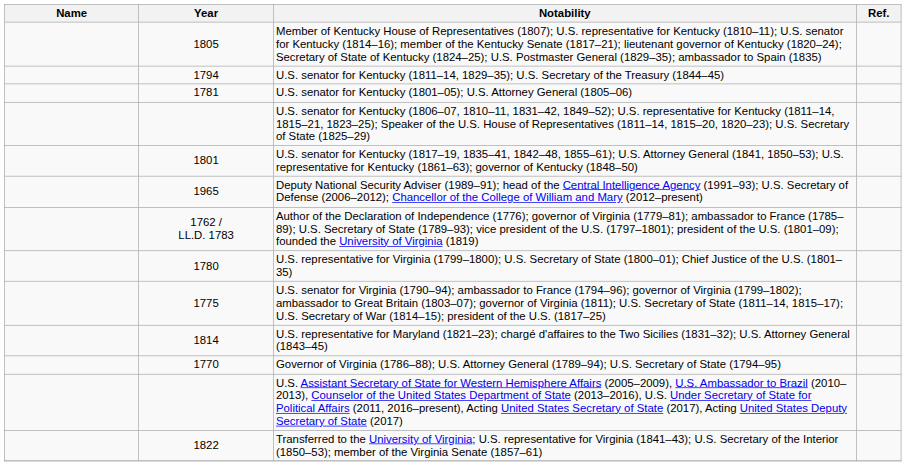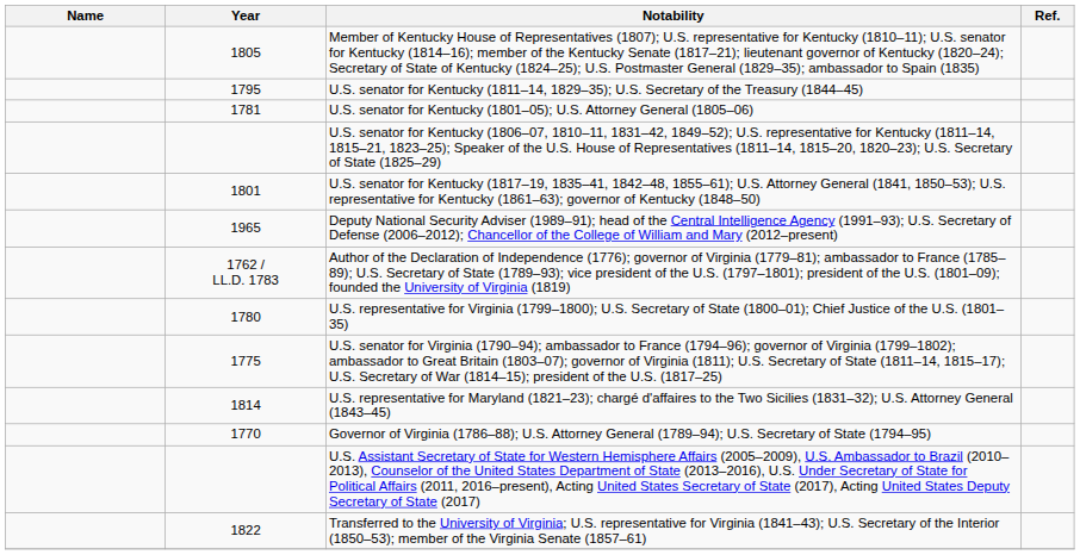 <table class="wikitable sortable" style="width:100%">
 <tr>
 <th width="15%">Name</th>
 <th width="15%">Year</th>
 <th width="65%" class="unsortable">Notability</th>
 <th width="5%" class="unsortable">Ref.</th>
 </tr>
 <tr>
 <td></td>
 <td align="center">1805</td>
 <td>Member of Kentucky House of Representatives (1807); U.S. representative for Kentucky (1810–11); U.S. senator for Kentucky (1814–16); member of the Kentucky Senate (1817–21); lieutenant governor of Kentucky (1820–24); Secretary of State of Kentucky (1824–25); U.S. Postmaster General (1829–35); ambassador to Spain (1835)</td>
 <td align="center"></td>
 </tr>
 <tr>
 <td></td>
-<td align="center">1794</td>
+<td align="center">1795</td>
 <td>U.S. senator for Kentucky (1811–14, 1829–35); U.S. Secretary of the Treasury (1844–45)</td>
 <td align="center"></td>
 </tr>
 <tr>
 <td></td>
 <td align="center">1781</td>
 <td>U.S. senator for Kentucky (1801–05); U.S. Attorney General (1805–06)</td>
 <td align="center"></td>
 </tr>
 <tr>
 <td></td>
 <td align="center"></td>
 <td>U.S. senator for Kentucky (1806–07, 1810–11, 1831–42, 1849–52); U.S. representative for Kentucky (1811–14, 1815–21, 1823–25); Speaker of the U.S. House of Representatives (1811–14, 1815–20, 1820–23); U.S. Secretary of State (1825–29)</td>
 <td align="center"></td>
 </tr>
 <tr>
 <td></td>
 <td align="center">1801</td>
 <td>U.S. senator for Kentucky (1817–19, 1835–41, 1842–48, 1855–61); U.S. Attorney General (1841, 1850–53); U.S. representative for Kentucky (1861–63); governor of Kentucky (1848–50)</td>
 <td align="center"></td>
 </tr>
 <tr>
 <td></td>
 <td align="center">1965</td>
 <td>Deputy National Security Adviser (1989–91); head of the <a href='#'>Central Intelligence Agency</a> (1991–93); U.S. Secretary of Defense (2006–2012); <a href='#'>Chancellor of the College of William and Mary</a> (2012–present)</td>
 <td align="center"></td>
 </tr>
 <tr>
 <td></td>
 <td align="center">1762 /<br> LL.D. 1783</td>
 <td>Author of the Declaration of Independence (1776); governor of Virginia (1779–81); ambassador to France (1785–89); U.S. Secretary of State (1789–93); vice president of the U.S. (1797–1801); president of the U.S. (1801–09); founded the <a href='#'>University of Virginia</a> (1819)</td>
 <td align="center"></td>
 </tr>
 <tr>
 <td></td>
 <td align="center">1780</td>
 <td>U.S. representative for Virginia (1799–1800); U.S. Secretary of State (1800–01); Chief Justice of the U.S. (1801–35)</td>
 <td align="center"></td>
 </tr>
 <tr>
 <td></td>
 <td align="center">1775</td>
 <td>U.S. senator for Virginia (1790–94); ambassador to France (1794–96); governor of Virginia (1799–1802); ambassador to Great Britain (1803–07); governor of Virginia (1811); U.S. Secretary of State (1811–14, 1815–17); U.S. Secretary of War (1814–15); president of the U.S. (1817–25)</td>
 <td align="center"></td>
 </tr>
 <tr>
 <td></td>
 <td align="center">1814</td>
 <td>U.S. representative for Maryland (1821–23); chargé d'affaires to the Two Sicilies (1831–32); U.S. Attorney General (1843–45)</td>
 <td align="center"></td>
 </tr>
 <tr>
 <td></td>
 <td align="center">1770</td>
 <td>Governor of Virginia (1786–88); U.S. Attorney General (1789–94); U.S. Secretary of State (1794–95)</td>
 <td align="center"></td>
 </tr>
 <tr>
 <td></td>
 <td align="center"></td>
 <td>U.S. <a href='#'>Assistant Secretary of State for Western Hemisphere Affairs</a> (2005–2009), <a href='#'>U.S. Ambassador to Brazil</a> (2010–2013), <a href='#'>Counselor of the United States Department of State</a> (2013–2016), U.S. <a href='#'>Under Secretary of State for Political Affairs</a> (2011, 2016–present), Acting <a href='#'>United States Secretary of State</a> (2017), Acting <a href='#'>United States Deputy Secretary of State</a> (2017)</td>
 <td align="center"></td>
 </tr>
 <tr>
 <td></td>
 <td align="center">1822</td>
 <td>Transferred to the <a href='#'>University of Virginia</a>; U.S. representative for Virginia (1841–43); U.S. Secretary of the Interior (1850–53); member of the Virginia Senate (1857–61)</td>
 <td align="center"></td>
 </tr>
 <tr>
 </tr>
 </table>
